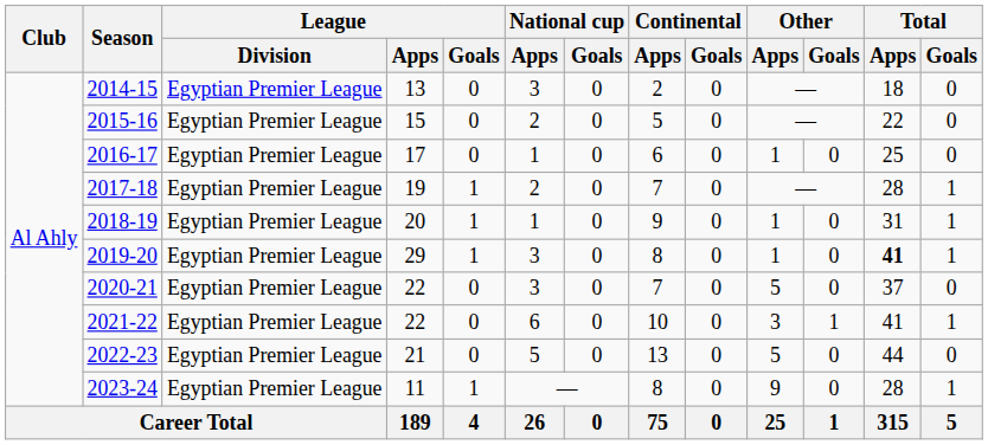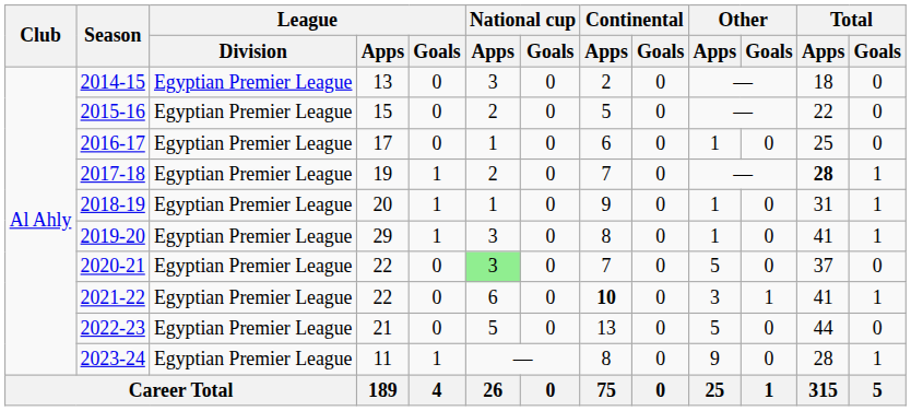 <table class="wikitable" style="text-align:center">
 <tr>
 <th rowspan="2">Club</th>
 <th rowspan="2">Season</th>
 <th colspan="3">League</th>
 <th colspan="2">National cup</th>
 <th colspan="2">Continental</th>
 <th colspan="2">Other</th>
 <th colspan="2">Total</th>
 </tr>
 <tr>
 <th>Division</th>
 <th>Apps</th>
 <th>Goals</th>
 <th>Apps</th>
 <th>Goals</th>
 <th>Apps</th>
 <th>Goals</th>
 <th>Apps</th>
 <th>Goals</th>
 <th>Apps</th>
 <th>Goals</th>
 </tr>
 <tr>
 <td rowspan="10"><a href='#'>Al Ahly</a></td>
 <td><a href='#'>2014-15</a></td>
 <td><a href='#'>Egyptian Premier League</a></td>
 <td>13</td>
 <td>0</td>
 <td>3</td>
 <td>0</td>
 <td>2</td>
 <td>0</td>
 <td colspan="2">—</td>
 <td>18</td>
 <td>0</td>
 </tr>
 <tr>
 <td><a href='#'>2015-16</a></td>
 <td>Egyptian Premier League</td>
 <td>15</td>
 <td>0</td>
 <td>2</td>
 <td>0</td>
 <td>5</td>
 <td>0</td>
 <td colspan="2">—</td>
 <td>22</td>
 <td>0</td>
 </tr>
 <tr>
 <td><a href='#'>2016-17</a></td>
 <td>Egyptian Premier League</td>
 <td>17</td>
 <td>0</td>
 <td>1</td>
 <td>0</td>
 <td>6</td>
 <td>0</td>
 <td>1</td>
 <td>0</td>
 <td>25</td>
 <td>0</td>
 </tr>
 <tr>
 <td><a href='#'>2017-18</a></td>
 <td>Egyptian Premier League</td>
 <td>19</td>
 <td>1</td>
 <td>2</td>
 <td>0</td>
 <td>7</td>
 <td>0</td>
 <td colspan="2">—</td>
-<td>28</td>
+<td><strong>28</strong></td>
 <td>1</td>
 </tr>
 <tr>
 <td><a href='#'>2018-19</a></td>
 <td>Egyptian Premier League</td>
 <td>20</td>
 <td>1</td>
 <td>1</td>
 <td>0</td>
 <td>9</td>
 <td>0</td>
 <td>1</td>
 <td>0</td>
 <td>31</td>
 <td>1</td>
 </tr>
 <tr>
 <td><a href='#'>2019-20</a></td>
 <td>Egyptian Premier League</td>
 <td>29</td>
 <td>1</td>
 <td>3</td>
 <td>0</td>
 <td>8</td>
 <td>0</td>
 <td>1</td>
 <td>0</td>
-<td><strong>41</strong></td>
+<td>41</td>
 <td>1</td>
 </tr>
 <tr>
 <td><a href='#'>2020-21</a></td>
 <td>Egyptian Premier League</td>
 <td>22</td>
 <td>0</td>
-<td>3</td>
+<td style="background: lightgreen;">3</td>
 <td>0</td>
 <td>7</td>
 <td>0</td>
 <td>5</td>
 <td>0</td>
 <td>37</td>
 <td>0</td>
 </tr>
 <tr>
 <td><a href='#'>2021-22</a></td>
 <td>Egyptian Premier League</td>
 <td>22</td>
 <td>0</td>
 <td>6</td>
 <td>0</td>
-<td>10</td>
+<td><strong>10</strong></td>
 <td>0</td>
 <td>3</td>
 <td>1</td>
 <td>41</td>
 <td>1</td>
 </tr>
 <tr>
 <td><a href='#'>2022-23</a></td>
 <td>Egyptian Premier League</td>
 <td>21</td>
 <td>0</td>
 <td>5</td>
 <td>0</td>
 <td>13</td>
 <td>0</td>
 <td>5</td>
 <td>0</td>
 <td>44</td>
 <td>0</td>
 </tr>
 <tr>
 <td><a href='#'>2023-24</a></td>
 <td>Egyptian Premier League</td>
 <td>11</td>
 <td>1</td>
 <td colspan="2">—</td>
 <td>8</td>
 <td>0</td>
 <td>9</td>
 <td>0</td>
 <td>28</td>
 <td>1</td>
 </tr>
 <tr>
 <th colspan="3">Career Total</th>
 <th>189</th>
 <th>4</th>
 <th>26</th>
 <th>0</th>
 <th>75</th>
 <th>0</th>
 <th>25</th>
 <th>1</th>
 <th>315</th>
 <th>5</th>
 </tr>
 </table>
